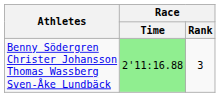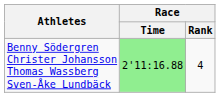 <table class="wikitable" border="1" style="font-size:90%">
 <tr>
 <th rowspan=2>Athletes</th>
 <th colspan=2>Race</th>
 </tr>
 <tr>
 <th>Time</th>
 <th>Rank</th>
 </tr>
 <tr>
 <td><a href='#'>Benny Södergren</a><br><a href='#'>Christer Johansson</a><br><a href='#'>Thomas Wassberg</a><br><a href='#'>Sven-Åke Lundbäck</a></td>
 <td align=center style="background: lightgreen;">2'11:16.88</td>
-<td align=center>3</td>
+<td align=center>4</td>
 </tr>
 </table>
